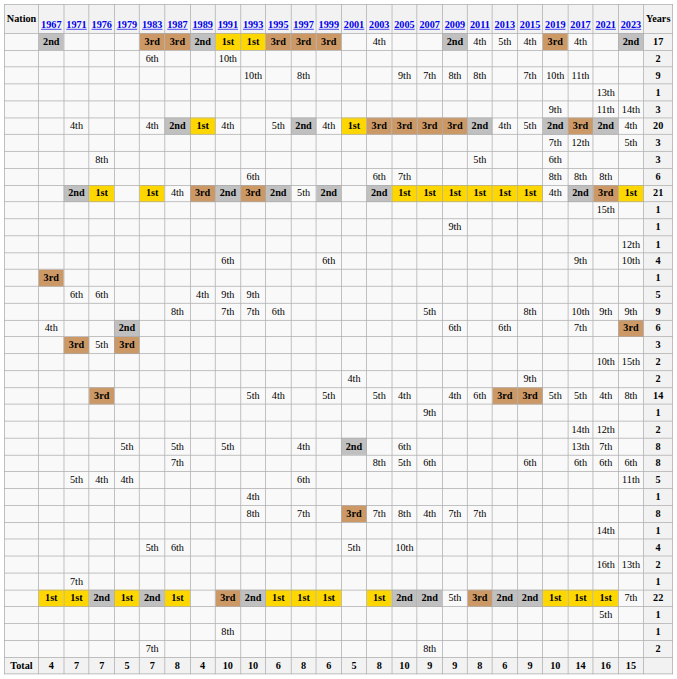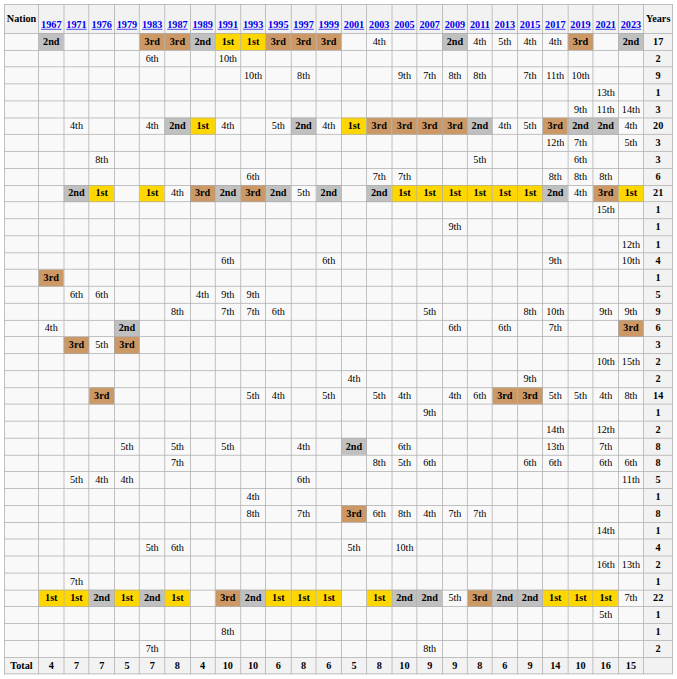 <table class="wikitable" style="text-align:center; font-size:90%;">
 <tr>
 <th>Nation</th>
 <th><br><a href='#'>1967</a></th>
 <th><br><a href='#'>1971</a></th>
 <th><br><a href='#'>1976</a></th>
 <th><br><a href='#'>1979</a></th>
 <th><br><a href='#'>1983</a></th>
 <th><br><a href='#'>1987</a></th>
 <th><br><a href='#'>1989</a></th>
 <th><br><a href='#'>1991</a></th>
 <th><br><a href='#'>1993</a></th>
 <th><br><a href='#'>1995</a></th>
 <th><br><a href='#'>1997</a></th>
 <th><br><a href='#'>1999</a></th>
 <th><br><a href='#'>2001</a></th>
 <th><br><a href='#'>2003</a></th>
 <th><br><a href='#'>2005</a></th>
 <th><br><a href='#'>2007</a></th>
 <th><br><a href='#'>2009</a></th>
 <th><br><a href='#'>2011</a></th>
 <th><br><a href='#'>2013</a></th>
 <th><br><a href='#'>2015</a></th>
+<th><br><a href='#'>2017</a></th>
 <th><br><a href='#'>2019</a></th>
-<th><br><a href='#'>2017</a></th>
 <th><br><a href='#'>2021</a></th>
 <th><br><a href='#'>2023</a></th>
 <th>Years</th>
 </tr>
 <tr>
 <td align=left></td>
 <td bgcolor=silver><strong>2nd</strong></td>
 <td></td>
 <td></td>
 <td></td>
 <td bgcolor=#cc9966><strong>3rd</strong></td>
 <td bgcolor=#cc9966><strong>3rd</strong></td>
 <td bgcolor=silver><strong>2nd</strong></td>
 <td bgcolor=gold><strong>1st</strong></td>
 <td bgcolor=gold><strong>1st</strong></td>
 <td bgcolor=#cc9966><strong>3rd</strong></td>
 <td bgcolor=#cc9966><strong>3rd</strong></td>
 <td bgcolor=#cc9966><strong>3rd</strong></td>
 <td></td>
 <td>4th</td>
 <td></td>
 <td></td>
 <td bgcolor=silver><strong>2nd</strong></td>
 <td>4th</td>
 <td>5th</td>
 <td>4th</td>
+<td>4th</td>
 <td bgcolor=#cc9966><strong>3rd</strong></td>
-<td>4th</td>
 <td></td>
 <td bgcolor=silver><strong>2nd</strong></td>
 <th>17</th>
 </tr>
 <tr>
 <td align=left></td>
 <td></td>
 <td></td>
 <td></td>
 <td></td>
 <td>6th</td>
 <td></td>
 <td></td>
 <td>10th</td>
 <td></td>
 <td></td>
 <td></td>
 <td></td>
 <td></td>
 <td></td>
 <td></td>
 <td></td>
 <td></td>
 <td></td>
 <td></td>
 <td></td>
 <td></td>
 <td></td>
 <td></td>
 <td></td>
 <th>2</th>
 </tr>
 <tr>
 <td align=left></td>
 <td></td>
 <td></td>
 <td></td>
 <td></td>
 <td></td>
 <td></td>
 <td></td>
 <td></td>
 <td>10th</td>
 <td></td>
 <td>8th</td>
 <td></td>
 <td></td>
 <td></td>
 <td>9th</td>
 <td>7th</td>
 <td>8th</td>
 <td>8th</td>
 <td></td>
 <td>7th</td>
+<td>11th</td>
 <td>10th</td>
-<td>11th</td>
 <td></td>
 <td></td>
 <th>9</th>
 </tr>
 <tr>
 <td align=left></td>
 <td></td>
 <td></td>
 <td></td>
 <td></td>
 <td></td>
 <td></td>
 <td></td>
 <td></td>
 <td></td>
 <td></td>
 <td></td>
 <td></td>
 <td></td>
 <td></td>
 <td></td>
 <td></td>
 <td></td>
 <td></td>
 <td></td>
 <td></td>
 <td></td>
 <td></td>
 <td>13th</td>
 <td></td>
 <th>1</th>
 </tr>
 <tr>
 <td align=left></td>
 <td></td>
 <td></td>
 <td></td>
 <td></td>
 <td></td>
 <td></td>
 <td></td>
 <td></td>
 <td></td>
 <td></td>
 <td></td>
 <td></td>
 <td></td>
 <td></td>
 <td></td>
 <td></td>
 <td></td>
 <td></td>
 <td></td>
 <td></td>
+<td></td>
 <td>9th</td>
-<td></td>
 <td>11th</td>
 <td>14th</td>
 <th>3</th>
 </tr>
 <tr>
 <td align=left></td>
 <td></td>
 <td>4th</td>
 <td></td>
 <td></td>
 <td>4th</td>
 <td bgcolor=silver><strong>2nd</strong></td>
 <td bgcolor=gold><strong>1st</strong></td>
 <td>4th</td>
 <td></td>
 <td>5th</td>
 <td bgcolor=silver><strong>2nd</strong></td>
 <td>4th</td>
 <td bgcolor=gold><strong>1st</strong></td>
 <td bgcolor=#cc9966><strong>3rd</strong></td>
 <td bgcolor=#cc9966><strong>3rd</strong></td>
 <td bgcolor=#cc9966><strong>3rd</strong></td>
 <td bgcolor=#cc9966><strong>3rd</strong></td>
 <td bgcolor=silver><strong>2nd</strong></td>
 <td>4th</td>
 <td>5th</td>
+<td bgcolor=#cc9966><strong>3rd</strong></td>
 <td bgcolor=silver><strong>2nd</strong></td>
-<td bgcolor=#cc9966><strong>3rd</strong></td>
 <td bgcolor=silver><strong>2nd</strong></td>
 <td>4th</td>
 <th>20</th>
 </tr>
 <tr>
 <td align=left></td>
 <td></td>
 <td></td>
 <td></td>
 <td></td>
 <td></td>
 <td></td>
 <td></td>
 <td></td>
 <td></td>
 <td></td>
 <td></td>
 <td></td>
 <td></td>
 <td></td>
 <td></td>
 <td></td>
 <td></td>
 <td></td>
 <td></td>
 <td></td>
+<td>12th</td>
 <td>7th</td>
-<td>12th</td>
 <td></td>
 <td>5th</td>
 <th>3</th>
 </tr>
 <tr>
 <td align=left></td>
 <td></td>
 <td></td>
 <td>8th</td>
 <td></td>
 <td></td>
 <td></td>
 <td></td>
 <td></td>
 <td></td>
 <td></td>
 <td></td>
 <td></td>
 <td></td>
 <td></td>
 <td></td>
 <td></td>
 <td></td>
 <td>5th</td>
 <td></td>
 <td></td>
+<td></td>
 <td>6th</td>
-<td></td>
 <td></td>
 <td></td>
 <th>3</th>
 </tr>
 <tr>
 <td align=left></td>
 <td></td>
 <td></td>
 <td></td>
 <td></td>
 <td></td>
 <td></td>
 <td></td>
 <td></td>
 <td>6th</td>
 <td></td>
 <td></td>
 <td></td>
 <td></td>
-<td>6th</td>
+<td>7th</td>
 <td>7th</td>
 <td></td>
 <td></td>
 <td></td>
 <td></td>
 <td></td>
 <td>8th</td>
 <td>8th</td>
 <td>8th</td>
 <td></td>
 <th>6</th>
 </tr>
 <tr>
 <td align=left></td>
 <td></td>
 <td bgcolor=silver><strong>2nd</strong></td>
 <td bgcolor=gold><strong>1st</strong></td>
 <td></td>
 <td bgcolor=gold><strong>1st</strong></td>
 <td>4th</td>
 <td bgcolor=#cc9966><strong>3rd</strong></td>
 <td bgcolor=silver><strong>2nd</strong></td>
 <td bgcolor=#cc9966><strong>3rd</strong></td>
 <td bgcolor=silver><strong>2nd</strong></td>
 <td>5th</td>
 <td bgcolor=silver><strong>2nd</strong></td>
 <td></td>
 <td bgcolor=silver><strong>2nd</strong></td>
 <td bgcolor=gold><strong>1st</strong></td>
 <td bgcolor=gold><strong>1st</strong></td>
 <td bgcolor=gold><strong>1st</strong></td>
 <td bgcolor=gold><strong>1st</strong></td>
 <td bgcolor=gold><strong>1st</strong></td>
 <td bgcolor=gold><strong>1st</strong></td>
+<td bgcolor=silver><strong>2nd</strong></td>
 <td>4th</td>
-<td bgcolor=silver><strong>2nd</strong></td>
 <td bgcolor=#cc9966><strong>3rd</strong></td>
 <td bgcolor=gold><strong>1st</strong></td>
 <th>21</th>
 </tr>
 <tr>
 <td align=left></td>
 <td></td>
 <td></td>
 <td></td>
 <td></td>
 <td></td>
 <td></td>
 <td></td>
 <td></td>
 <td></td>
 <td></td>
 <td></td>
 <td></td>
 <td></td>
 <td></td>
 <td></td>
 <td></td>
 <td></td>
 <td></td>
 <td></td>
 <td></td>
 <td></td>
 <td></td>
 <td>15th</td>
 <td></td>
 <th>1</th>
 </tr>
 <tr>
 <td align=left></td>
 <td></td>
 <td></td>
 <td></td>
 <td></td>
 <td></td>
 <td></td>
 <td></td>
 <td></td>
 <td></td>
 <td></td>
 <td></td>
 <td></td>
 <td></td>
 <td></td>
 <td></td>
 <td></td>
 <td>9th</td>
 <td></td>
 <td></td>
 <td></td>
 <td></td>
 <td></td>
 <td></td>
 <td></td>
 <th>1</th>
 </tr>
 <tr>
 <td align=left></td>
 <td></td>
 <td></td>
 <td></td>
 <td></td>
 <td></td>
 <td></td>
 <td></td>
 <td></td>
 <td></td>
 <td></td>
 <td></td>
 <td></td>
 <td></td>
 <td></td>
 <td></td>
 <td></td>
 <td></td>
 <td></td>
 <td></td>
 <td></td>
 <td></td>
 <td></td>
 <td></td>
 <td>12th</td>
 <th>1</th>
 </tr>
 <tr>
 <td align=left></td>
 <td></td>
 <td></td>
 <td></td>
 <td></td>
 <td></td>
 <td></td>
 <td></td>
 <td>6th</td>
 <td></td>
 <td></td>
 <td></td>
 <td>6th</td>
 <td></td>
 <td></td>
 <td></td>
 <td></td>
 <td></td>
 <td></td>
 <td></td>
 <td></td>
+<td>9th</td>
 <td></td>
-<td>9th</td>
 <td></td>
 <td>10th</td>
 <th>4</th>
 </tr>
 <tr>
 <td align=left></td>
 <td bgcolor=#cc9966><strong>3rd</strong></td>
 <td></td>
 <td></td>
 <td></td>
 <td></td>
 <td></td>
 <td></td>
 <td></td>
 <td></td>
 <td></td>
 <td></td>
 <td></td>
 <td></td>
 <td></td>
 <td></td>
 <td></td>
 <td></td>
 <td></td>
 <td></td>
 <td></td>
 <td></td>
 <td></td>
 <td></td>
 <td></td>
 <th>1</th>
 </tr>
 <tr>
 <td align=left></td>
 <td></td>
 <td>6th</td>
 <td>6th</td>
 <td></td>
 <td></td>
 <td></td>
 <td>4th</td>
 <td>9th</td>
 <td>9th</td>
 <td></td>
 <td></td>
 <td></td>
 <td></td>
 <td></td>
 <td></td>
 <td></td>
 <td></td>
 <td></td>
 <td></td>
 <td></td>
 <td></td>
 <td></td>
 <td></td>
 <td></td>
 <th>5</th>
 </tr>
 <tr>
 <td align=left></td>
 <td></td>
 <td></td>
 <td></td>
 <td></td>
 <td></td>
 <td>8th</td>
 <td></td>
 <td>7th</td>
 <td>7th</td>
 <td>6th</td>
 <td></td>
 <td></td>
 <td></td>
 <td></td>
 <td></td>
 <td>5th</td>
 <td></td>
 <td></td>
 <td></td>
 <td>8th</td>
+<td>10th</td>
 <td></td>
-<td>10th</td>
 <td>9th</td>
 <td>9th</td>
 <th>9</th>
 </tr>
 <tr>
 <td align=left></td>
 <td>4th</td>
 <td></td>
 <td></td>
 <td bgcolor=silver><strong>2nd</strong></td>
 <td></td>
 <td></td>
 <td></td>
 <td></td>
 <td></td>
 <td></td>
 <td></td>
 <td></td>
 <td></td>
 <td></td>
 <td></td>
 <td></td>
 <td>6th</td>
 <td></td>
 <td>6th</td>
 <td></td>
+<td>7th</td>
 <td></td>
-<td>7th</td>
 <td></td>
 <td bgcolor=#cc9966><strong>3rd</strong></td>
 <th>6</th>
 </tr>
 <tr>
 <td align=left></td>
 <td></td>
 <td bgcolor=#cc9966><strong>3rd</strong></td>
 <td>5th</td>
 <td bgcolor=#cc9966><strong>3rd</strong></td>
 <td></td>
 <td></td>
 <td></td>
 <td></td>
 <td></td>
 <td></td>
 <td></td>
 <td></td>
 <td></td>
 <td></td>
 <td></td>
 <td></td>
 <td></td>
 <td></td>
 <td></td>
 <td></td>
 <td></td>
 <td></td>
 <td></td>
 <td></td>
 <th>3</th>
 </tr>
 <tr>
 <td align=left></td>
 <td></td>
 <td></td>
 <td></td>
 <td></td>
 <td></td>
 <td></td>
 <td></td>
 <td></td>
 <td></td>
 <td></td>
 <td></td>
 <td></td>
 <td></td>
 <td></td>
 <td></td>
 <td></td>
 <td></td>
 <td></td>
 <td></td>
 <td></td>
 <td></td>
 <td></td>
 <td>10th</td>
 <td>15th</td>
 <th>2</th>
 </tr>
 <tr>
 <td align=left></td>
 <td></td>
 <td></td>
 <td></td>
 <td></td>
 <td></td>
 <td></td>
 <td></td>
 <td></td>
 <td></td>
 <td></td>
 <td></td>
 <td></td>
 <td>4th</td>
 <td></td>
 <td></td>
 <td></td>
 <td></td>
 <td></td>
 <td></td>
 <td>9th</td>
 <td></td>
 <td></td>
 <td></td>
 <td></td>
 <th>2</th>
 </tr>
 <tr>
 <td align=left></td>
 <td></td>
 <td></td>
 <td bgcolor=#cc9966><strong>3rd</strong></td>
 <td></td>
 <td></td>
 <td></td>
 <td></td>
 <td></td>
 <td>5th</td>
 <td>4th</td>
 <td></td>
 <td>5th</td>
 <td></td>
 <td>5th</td>
 <td>4th</td>
 <td></td>
 <td>4th</td>
 <td>6th</td>
 <td bgcolor=#cc9966><strong>3rd</strong></td>
 <td bgcolor=#cc9966><strong>3rd</strong></td>
 <td>5th</td>
 <td>5th</td>
 <td>4th</td>
 <td>8th</td>
 <th>14</th>
 </tr>
 <tr>
 <td align=left></td>
 <td></td>
 <td></td>
 <td></td>
 <td></td>
 <td></td>
 <td></td>
 <td></td>
 <td></td>
 <td></td>
 <td></td>
 <td></td>
 <td></td>
 <td></td>
 <td></td>
 <td></td>
 <td>9th</td>
 <td></td>
 <td></td>
 <td></td>
 <td></td>
 <td></td>
 <td></td>
 <td></td>
 <td></td>
 <th>1</th>
 </tr>
 <tr>
 <td align=left></td>
 <td></td>
 <td></td>
 <td></td>
 <td></td>
 <td></td>
 <td></td>
 <td></td>
 <td></td>
 <td></td>
 <td></td>
 <td></td>
 <td></td>
 <td></td>
 <td></td>
 <td></td>
 <td></td>
 <td></td>
 <td></td>
 <td></td>
 <td></td>
+<td>14th</td>
 <td></td>
-<td>14th</td>
 <td>12th</td>
 <td></td>
 <th>2</th>
 </tr>
 <tr>
 <td align=left></td>
 <td></td>
 <td></td>
 <td></td>
 <td>5th</td>
 <td></td>
 <td>5th</td>
 <td></td>
 <td>5th</td>
 <td></td>
 <td></td>
 <td>4th</td>
 <td></td>
 <td bgcolor=silver><strong>2nd</strong></td>
 <td></td>
 <td>6th</td>
 <td></td>
 <td></td>
 <td></td>
 <td></td>
 <td></td>
+<td>13th</td>
 <td></td>
-<td>13th</td>
 <td>7th</td>
 <td></td>
 <th>8</th>
 </tr>
 <tr>
 <td align=left></td>
 <td></td>
 <td></td>
 <td></td>
 <td></td>
 <td></td>
 <td>7th</td>
 <td></td>
 <td></td>
 <td></td>
 <td></td>
 <td></td>
 <td></td>
 <td></td>
 <td>8th</td>
 <td>5th</td>
 <td>6th</td>
 <td></td>
 <td></td>
 <td></td>
 <td>6th</td>
+<td>6th</td>
 <td></td>
-<td>6th</td>
 <td>6th</td>
 <td>6th</td>
 <th>8</th>
 </tr>
 <tr>
 <td align=left></td>
 <td></td>
 <td>5th</td>
 <td>4th</td>
 <td>4th</td>
 <td></td>
 <td></td>
 <td></td>
 <td></td>
 <td></td>
 <td></td>
 <td>6th</td>
 <td></td>
 <td></td>
 <td></td>
 <td></td>
 <td></td>
 <td></td>
 <td></td>
 <td></td>
 <td></td>
 <td></td>
 <td></td>
 <td></td>
 <td>11th</td>
 <th>5</th>
 </tr>
 <tr>
 <td align=left></td>
 <td></td>
 <td></td>
 <td></td>
 <td></td>
 <td></td>
 <td></td>
 <td></td>
 <td></td>
 <td>4th</td>
 <td></td>
 <td></td>
 <td></td>
 <td></td>
 <td></td>
 <td></td>
 <td></td>
 <td></td>
 <td></td>
 <td></td>
 <td></td>
 <td></td>
 <td></td>
 <td></td>
 <td></td>
 <th>1</th>
 </tr>
 <tr>
 <td align=left></td>
 <td></td>
 <td></td>
 <td></td>
 <td></td>
 <td></td>
 <td></td>
 <td></td>
 <td></td>
 <td>8th</td>
 <td></td>
 <td>7th</td>
 <td></td>
 <td bgcolor=#cc9966><strong>3rd</strong></td>
-<td>7th</td>
+<td>6th</td>
 <td>8th</td>
 <td>4th</td>
 <td>7th</td>
 <td>7th</td>
 <td></td>
 <td></td>
 <td></td>
 <td></td>
 <td></td>
 <td></td>
 <th>8</th>
 </tr>
 <tr>
 <td align=left></td>
 <td></td>
 <td></td>
 <td></td>
 <td></td>
 <td></td>
 <td></td>
 <td></td>
 <td></td>
 <td></td>
 <td></td>
 <td></td>
 <td></td>
 <td></td>
 <td></td>
 <td></td>
 <td></td>
 <td></td>
 <td></td>
 <td></td>
 <td></td>
 <td></td>
 <td></td>
 <td>14th</td>
 <td></td>
 <th>1</th>
 </tr>
 <tr>
 <td align=left></td>
 <td></td>
 <td></td>
 <td></td>
 <td></td>
 <td>5th</td>
 <td>6th</td>
 <td></td>
 <td></td>
 <td></td>
 <td></td>
 <td></td>
 <td></td>
 <td>5th</td>
 <td></td>
 <td>10th</td>
 <td></td>
 <td></td>
 <td></td>
 <td></td>
 <td></td>
 <td></td>
 <td></td>
 <td></td>
 <td></td>
 <th>4</th>
 </tr>
 <tr>
 <td align=left></td>
 <td></td>
 <td></td>
 <td></td>
 <td></td>
 <td></td>
 <td></td>
 <td></td>
 <td></td>
 <td></td>
 <td></td>
 <td></td>
 <td></td>
 <td></td>
 <td></td>
 <td></td>
 <td></td>
 <td></td>
 <td></td>
 <td></td>
 <td></td>
 <td></td>
 <td></td>
 <td>16th</td>
 <td>13th</td>
 <th>2</th>
 </tr>
 <tr>
 <td align=left></td>
 <td></td>
 <td>7th</td>
 <td></td>
 <td></td>
 <td></td>
 <td></td>
 <td></td>
 <td></td>
 <td></td>
 <td></td>
 <td></td>
 <td></td>
 <td></td>
 <td></td>
 <td></td>
 <td></td>
 <td></td>
 <td></td>
 <td></td>
 <td></td>
 <td></td>
 <td></td>
 <td></td>
 <td></td>
 <th>1</th>
 </tr>
 <tr>
 <td align=left></td>
 <td bgcolor=gold><strong>1st</strong></td>
 <td bgcolor=gold><strong>1st</strong></td>
 <td bgcolor=silver><strong>2nd</strong></td>
 <td bgcolor=gold><strong>1st</strong></td>
 <td bgcolor=silver><strong>2nd</strong></td>
 <td bgcolor=gold><strong>1st</strong></td>
 <td></td>
 <td bgcolor=#cc9966><strong>3rd</strong></td>
 <td bgcolor=silver><strong>2nd</strong></td>
 <td bgcolor=gold><strong>1st</strong></td>
 <td bgcolor=gold><strong>1st</strong></td>
 <td bgcolor=gold><strong>1st</strong></td>
 <td></td>
 <td bgcolor=gold><strong>1st</strong></td>
 <td bgcolor=silver><strong>2nd</strong></td>
 <td bgcolor=silver><strong>2nd</strong></td>
 <td>5th</td>
 <td bgcolor=#cc9966><strong>3rd</strong></td>
 <td bgcolor=silver><strong>2nd</strong></td>
 <td bgcolor=silver><strong>2nd</strong></td>
 <td bgcolor=gold><strong>1st</strong></td>
 <td bgcolor=gold><strong>1st</strong></td>
 <td bgcolor=gold><strong>1st</strong></td>
 <td>7th</td>
 <th>22</th>
 </tr>
 <tr>
 <td align=left></td>
 <td></td>
 <td></td>
 <td></td>
 <td></td>
 <td></td>
 <td></td>
 <td></td>
 <td></td>
 <td></td>
 <td></td>
 <td></td>
 <td></td>
 <td></td>
 <td></td>
 <td></td>
 <td></td>
 <td></td>
 <td></td>
 <td></td>
 <td></td>
 <td></td>
 <td></td>
 <td>5th</td>
 <td></td>
 <th>1</th>
 </tr>
 <tr>
 <td align=left></td>
 <td></td>
 <td></td>
 <td></td>
 <td></td>
 <td></td>
 <td></td>
 <td></td>
 <td>8th</td>
 <td></td>
 <td></td>
 <td></td>
 <td></td>
 <td></td>
 <td></td>
 <td></td>
 <td></td>
 <td></td>
 <td></td>
 <td></td>
 <td></td>
 <td></td>
 <td></td>
 <td></td>
 <td></td>
 <th>1</th>
 </tr>
 <tr>
 <td align=left></td>
 <td></td>
 <td></td>
 <td></td>
 <td></td>
 <td>7th</td>
 <td></td>
 <td></td>
 <td></td>
 <td></td>
 <td></td>
 <td></td>
 <td></td>
 <td></td>
 <td></td>
 <td></td>
 <td>8th</td>
 <td></td>
 <td></td>
 <td></td>
 <td></td>
 <td></td>
 <td></td>
 <td></td>
 <td></td>
 <th>2</th>
 </tr>
 <tr>
 <th>Total</th>
 <th>4</th>
 <th>7</th>
 <th>7</th>
 <th>5</th>
 <th>7</th>
 <th>8</th>
 <th>4</th>
 <th>10</th>
 <th>10</th>
 <th>6</th>
 <th>8</th>
 <th>6</th>
 <th>5</th>
 <th>8</th>
 <th>10</th>
 <th>9</th>
 <th>9</th>
 <th>8</th>
 <th>6</th>
 <th>9</th>
+<th>14</th>
 <th>10</th>
-<th>14</th>
 <th>16</th>
 <th>15</th>
 <th></th>
 </tr>
 </table>
